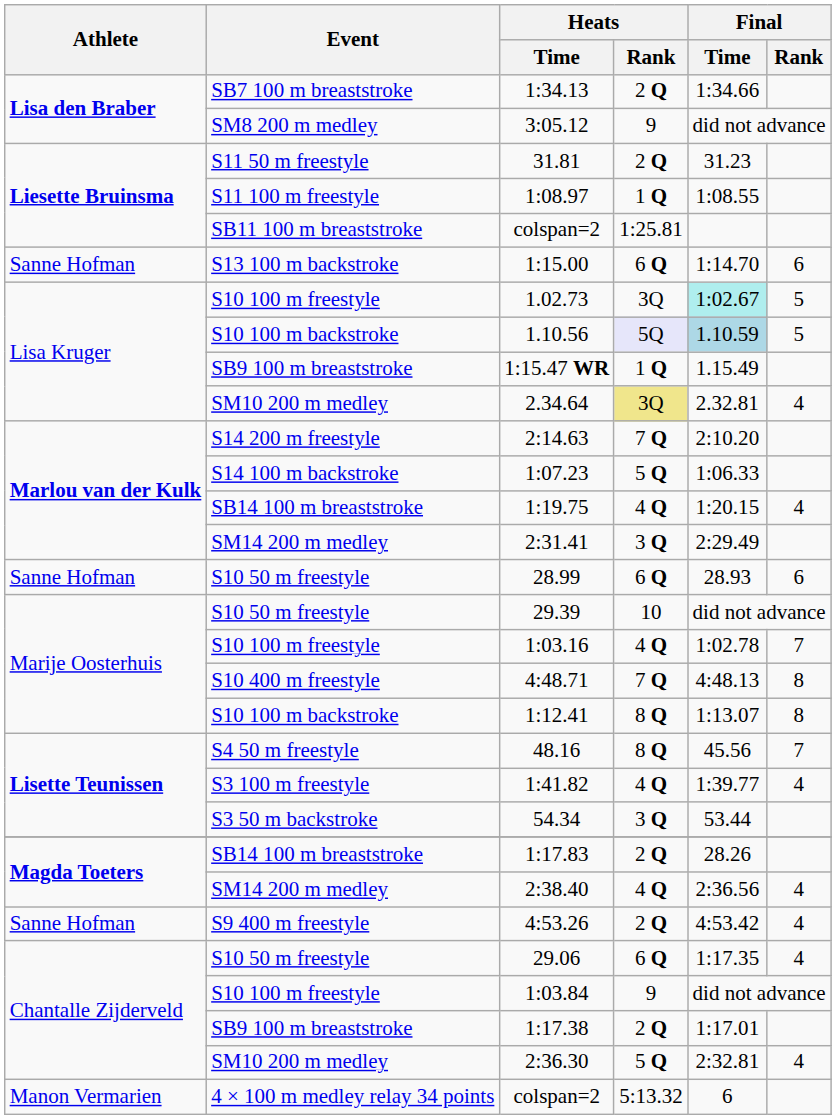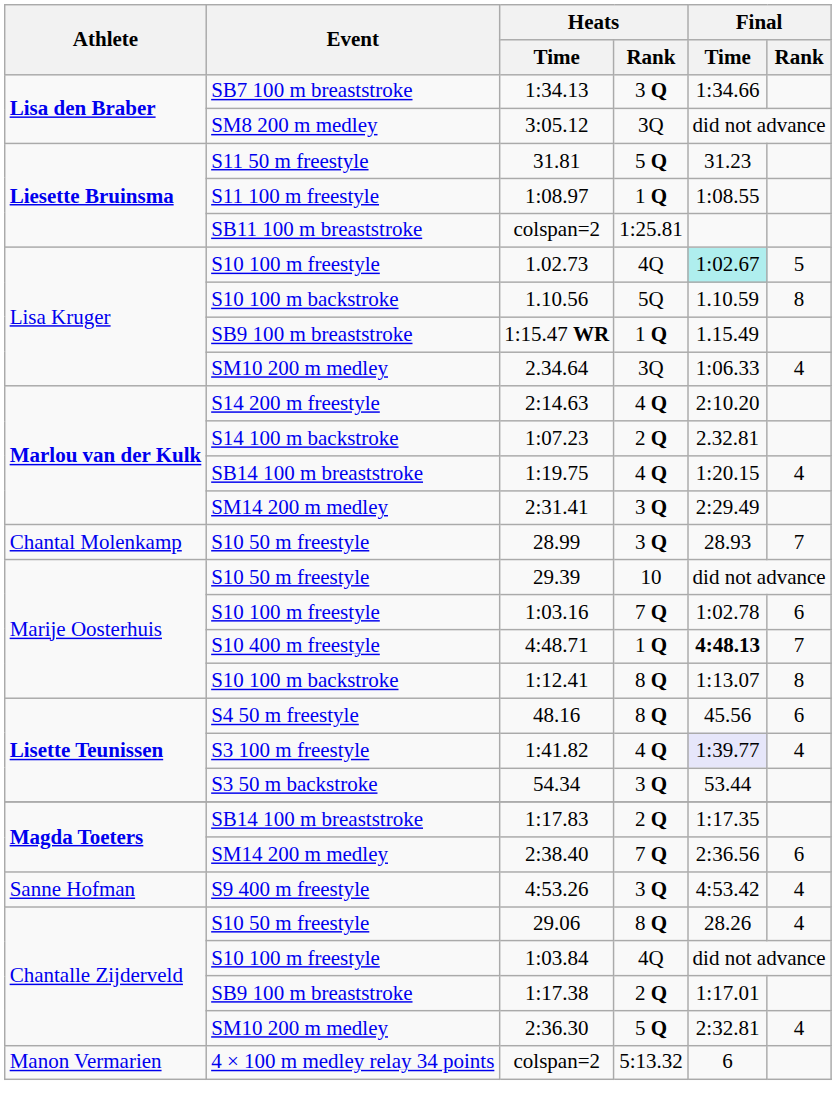 <table class=wikitable style="font-size:90%; text-align:center">
 <tr>
 <th rowspan=2>Athlete</th>
 <th rowspan=2>Event</th>
 <th colspan=2>Heats</th>
 <th colspan=2>Final</th>
 </tr>
 <tr>
 <th>Time</th>
 <th>Rank</th>
 <th>Time</th>
 <th>Rank</th>
 </tr>
 <tr>
 <td align=left rowspan=2><strong><a href='#'>Lisa den Braber</a></strong></td>
 <td align=left><a href='#'>SB7 100 m breaststroke</a></td>
 <td>1:34.13</td>
-<td>2 <strong>Q</strong></td>
+<td>3 <strong>Q</strong></td>
 <td>1:34.66</td>
 <td></td>
 </tr>
 <tr>
 <td align=left><a href='#'>SM8 200 m medley</a></td>
 <td>3:05.12</td>
-<td>9</td>
+<td>3Q</td>
 <td colspan=2>did not advance</td>
 </tr>
 <tr>
 <td align=left rowspan=3><strong><a href='#'>Liesette Bruinsma</a></strong></td>
 <td align=left><a href='#'>S11 50 m freestyle</a></td>
 <td>31.81</td>
-<td>2 <strong>Q</strong></td>
+<td>5 <strong>Q</strong></td>
 <td>31.23</td>
 <td></td>
 </tr>
 <tr>
 <td align=left><a href='#'>S11 100 m freestyle</a></td>
 <td>1:08.97</td>
 <td>1 <strong>Q</strong></td>
 <td>1:08.55</td>
 <td></td>
 </tr>
 <tr>
 <td align=left><a href='#'>SB11 100 m breaststroke</a></td>
 <td>colspan=2 </td>
 <td>1:25.81</td>
 <td></td>
 </tr>
 <tr>
-<td align=left><a href='#'>Sanne Hofman</a></td>
-<td align=left><a href='#'>S13 100 m backstroke</a></td>
-<td>1:15.00</td>
-<td>6 <strong>Q</strong></td>
-<td>1:14.70</td>
-<td>6</td>
-</tr>
-<tr>
 <td align=left rowspan=4><a href='#'>Lisa Kruger</a></td>
 <td align=left><a href='#'>S10 100 m freestyle</a></td>
 <td>1.02.73</td>
-<td>3Q</td>
+<td>4Q</td>
 <td style="background: paleturquoise;">1:02.67</td>
 <td>5</td>
 </tr>
 <tr>
 <td align=left><a href='#'>S10 100 m backstroke</a></td>
 <td>1.10.56</td>
-<td style="background: lavender;">5Q</td>
-<td style="background: lightblue;">1.10.59</td>
-<td>5</td>
+<td>5Q</td>
+<td>1.10.59</td>
+<td>8</td>
 </tr>
 <tr>
 <td align=left><a href='#'>SB9 100 m breaststroke</a></td>
 <td>1:15.47 <strong>WR</strong></td>
 <td>1 <strong>Q</strong></td>
 <td>1.15.49</td>
 <td></td>
 </tr>
 <tr>
 <td align=left><a href='#'>SM10 200 m medley</a></td>
 <td>2.34.64</td>
-<td style="background: khaki;">3Q</td>
-<td>2.32.81</td>
+<td>3Q</td>
+<td>1:06.33</td>
 <td>4</td>
 </tr>
 <tr>
 <td align=left rowspan=4><strong><a href='#'>Marlou van der Kulk</a></strong></td>
 <td align=left><a href='#'>S14 200 m freestyle</a></td>
 <td>2:14.63</td>
-<td>7 <strong>Q</strong></td>
+<td>4 <strong>Q</strong></td>
 <td>2:10.20</td>
 <td></td>
 </tr>
 <tr>
 <td align=left><a href='#'>S14 100 m backstroke</a></td>
 <td>1:07.23</td>
-<td>5 <strong>Q</strong></td>
-<td>1:06.33</td>
+<td>2 <strong>Q</strong></td>
+<td>2.32.81</td>
 <td></td>
 </tr>
 <tr>
 <td align=left><a href='#'>SB14 100 m breaststroke</a></td>
 <td>1:19.75</td>
 <td>4 <strong>Q</strong></td>
 <td>1:20.15</td>
 <td>4</td>
 </tr>
 <tr>
 <td align=left><a href='#'>SM14 200 m medley</a></td>
 <td>2:31.41</td>
 <td>3 <strong>Q</strong></td>
 <td>2:29.49</td>
 <td></td>
 </tr>
 <tr>
-<td align=left><a href='#'>Sanne Hofman</a></td>
+<td align=left><a href='#'>Chantal Molenkamp</a></td>
 <td align=left><a href='#'>S10 50 m freestyle</a></td>
 <td>28.99</td>
-<td>6 <strong>Q</strong></td>
+<td>3 <strong>Q</strong></td>
 <td>28.93</td>
-<td>6</td>
+<td>7</td>
 </tr>
 <tr>
 <td align=left rowspan=4><a href='#'>Marije Oosterhuis</a></td>
 <td align=left><a href='#'>S10 50 m freestyle</a></td>
 <td>29.39</td>
 <td>10</td>
 <td colspan=2>did not advance</td>
 </tr>
 <tr>
 <td align=left><a href='#'>S10 100 m freestyle</a></td>
 <td>1:03.16</td>
-<td>4 <strong>Q</strong></td>
+<td>7 <strong>Q</strong></td>
 <td>1:02.78</td>
-<td>7</td>
+<td>6</td>
 </tr>
 <tr>
 <td align=left><a href='#'>S10 400 m freestyle</a></td>
 <td>4:48.71</td>
-<td>7 <strong>Q</strong></td>
-<td>4:48.13</td>
-<td>8</td>
+<td>1 <strong>Q</strong></td>
+<td><strong>4:48.13</strong></td>
+<td>7</td>
 </tr>
 <tr>
 <td align=left><a href='#'>S10 100 m backstroke</a></td>
 <td>1:12.41</td>
 <td>8 <strong>Q</strong></td>
 <td>1:13.07</td>
 <td>8</td>
 </tr>
 <tr>
 <td align=left rowspan=3><strong><a href='#'>Lisette Teunissen</a></strong></td>
 <td align=left><a href='#'>S4 50 m freestyle</a></td>
 <td>48.16</td>
 <td>8 <strong>Q</strong></td>
 <td>45.56</td>
-<td>7</td>
+<td>6</td>
 </tr>
 <tr>
 <td align=left><a href='#'>S3 100 m freestyle</a></td>
 <td>1:41.82</td>
 <td>4 <strong>Q</strong></td>
-<td>1:39.77</td>
+<td style="background: lavender;">1:39.77</td>
 <td>4</td>
 </tr>
 <tr>
 <td align=left><a href='#'>S3 50 m backstroke</a></td>
 <td>54.34</td>
 <td>3 <strong>Q</strong></td>
 <td>53.44</td>
 <td></td>
 </tr>
 <tr>
 </tr>
 <tr>
 <td align=left rowspan=2><strong><a href='#'>Magda Toeters</a></strong></td>
 <td align=left><a href='#'>SB14 100 m breaststroke</a></td>
 <td>1:17.83</td>
 <td>2 <strong>Q</strong></td>
-<td>28.26</td>
+<td>1:17.35</td>
 <td></td>
 </tr>
 <tr>
 <td align=left><a href='#'>SM14 200 m medley</a></td>
 <td>2:38.40</td>
-<td>4 <strong>Q</strong></td>
+<td>7 <strong>Q</strong></td>
 <td>2:36.56</td>
-<td>4</td>
+<td>6</td>
 </tr>
 <tr>
 <td align=left><a href='#'>Sanne Hofman</a></td>
 <td align=left><a href='#'>S9 400 m freestyle</a></td>
 <td>4:53.26</td>
-<td>2 <strong>Q</strong></td>
+<td>3 <strong>Q</strong></td>
 <td>4:53.42</td>
 <td>4</td>
 </tr>
 <tr>
 <td align=left rowspan=4><a href='#'>Chantalle Zijderveld</a></td>
 <td align=left><a href='#'>S10 50 m freestyle</a></td>
 <td>29.06</td>
-<td>6 <strong>Q</strong></td>
-<td>1:17.35</td>
+<td>8 <strong>Q</strong></td>
+<td>28.26</td>
 <td>4</td>
 </tr>
 <tr>
 <td align=left><a href='#'>S10 100 m freestyle</a></td>
 <td>1:03.84</td>
-<td>9</td>
+<td>4Q</td>
 <td colspan=2>did not advance</td>
 </tr>
 <tr>
 <td align=left><a href='#'>SB9 100 m breaststroke</a></td>
 <td>1:17.38</td>
 <td>2 <strong>Q</strong></td>
 <td>1:17.01</td>
 <td></td>
 </tr>
 <tr>
 <td align=left><a href='#'>SM10 200 m medley</a></td>
 <td>2:36.30</td>
 <td>5 <strong>Q</strong></td>
 <td>2:32.81</td>
 <td>4</td>
 </tr>
 <tr>
 <td align=left><a href='#'>Manon Vermarien</a></td>
 <td align=left><a href='#'>4 × 100 m medley relay 34 points</a></td>
 <td>colspan=2 </td>
 <td>5:13.32</td>
 <td>6</td>
 </tr>
 </table>
